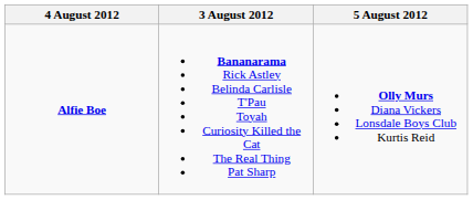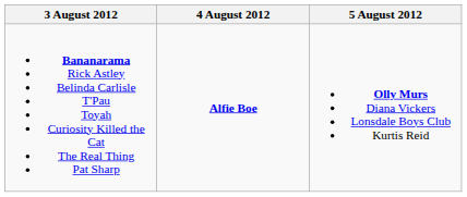 <table class="wikitable" style="text-align:center;">
 <tr>
+<th scope="col" style="width:12em;">3 August 2012</th>
 <th scope="col" style="width:12em;">4 August 2012</th>
-<th scope="col" style="width:12em;">3 August 2012</th>
 <th scope="col" style="width:12em;">5 August 2012</th>
 </tr>
 <tr>
+<td><br><ul><li><strong><a href='#'>Bananarama</a></strong></li><li><a href='#'>Rick Astley</a></li><li><a href='#'>Belinda Carlisle</a></li><li><a href='#'>T'Pau</a></li><li><a href='#'>Toyah</a></li><li><a href='#'>Curiosity Killed the Cat</a></li><li><a href='#'>The Real Thing</a></li><li><a href='#'>Pat Sharp</a></li></ul></td>
 <td><strong><a href='#'>Alfie Boe</a></strong></td>
-<td><br><ul><li><strong><a href='#'>Bananarama</a></strong></li><li><a href='#'>Rick Astley</a></li><li><a href='#'>Belinda Carlisle</a></li><li><a href='#'>T'Pau</a></li><li><a href='#'>Toyah</a></li><li><a href='#'>Curiosity Killed the Cat</a></li><li><a href='#'>The Real Thing</a></li><li><a href='#'>Pat Sharp</a></li></ul></td>
 <td><br><ul><li><strong><a href='#'>Olly Murs</a></strong></li><li><a href='#'>Diana Vickers</a></li><li><a href='#'>Lonsdale Boys Club</a></li><li>Kurtis Reid</li></ul></td>
 </tr>
 </table>
